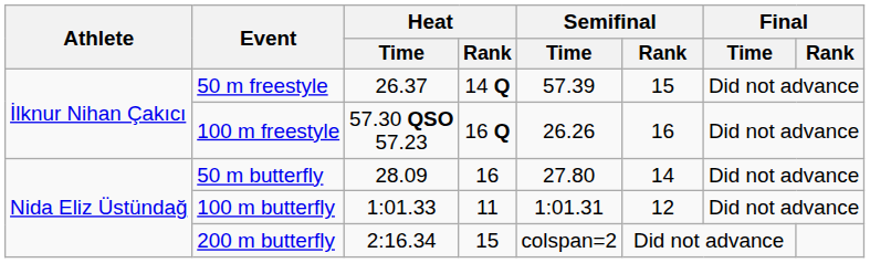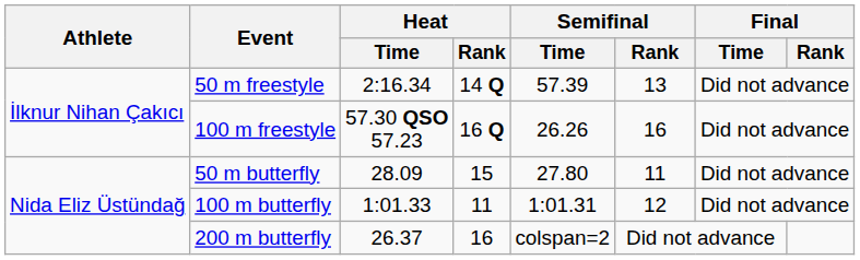 <table class=wikitable style="font-size:90%">
 <tr>
 <th rowspan=2>Athlete</th>
 <th rowspan=2>Event</th>
 <th colspan="2">Heat</th>
 <th colspan="2">Semifinal</th>
 <th colspan="2">Final</th>
 </tr>
 <tr style="font-size:95%">
 <th>Time</th>
 <th>Rank</th>
 <th>Time</th>
 <th>Rank</th>
 <th>Time</th>
 <th>Rank</th>
 </tr>
 <tr align=center>
 <td align=left rowspan=2><a href='#'>İlknur Nihan Çakıcı</a></td>
 <td align=left><a href='#'>50 m freestyle</a></td>
-<td>26.37</td>
+<td>2:16.34</td>
 <td>14 <strong>Q</strong></td>
 <td>57.39</td>
-<td>15</td>
+<td>13</td>
 <td colspan=2>Did not advance</td>
 </tr>
 <tr align=center>
 <td align=left><a href='#'>100 m freestyle</a></td>
 <td>57.30	<strong>QSO</strong><br>57.23</td>
 <td>16 <strong>Q</strong></td>
 <td>26.26</td>
 <td>16</td>
 <td colspan=2>Did not advance</td>
 </tr>
 <tr align=center>
 <td align=left rowspan=3><a href='#'>Nida Eliz Üstündağ</a></td>
 <td align=left><a href='#'>50 m butterfly</a></td>
 <td>28.09</td>
-<td>16</td>
+<td>15</td>
 <td>27.80</td>
-<td>14</td>
+<td>11</td>
 <td colspan=2>Did not advance</td>
 </tr>
 <tr align=center>
 <td align=left><a href='#'>100 m butterfly</a></td>
 <td>1:01.33</td>
 <td>11</td>
 <td>1:01.31</td>
 <td>12</td>
 <td colspan=2>Did not advance</td>
 </tr>
 <tr align=center>
 <td align=left><a href='#'>200 m butterfly</a></td>
-<td>2:16.34</td>
-<td>15</td>
+<td>26.37</td>
+<td>16</td>
 <td>colspan=2 </td>
 <td colspan=2>Did not advance</td>
 </tr>
 </table>
